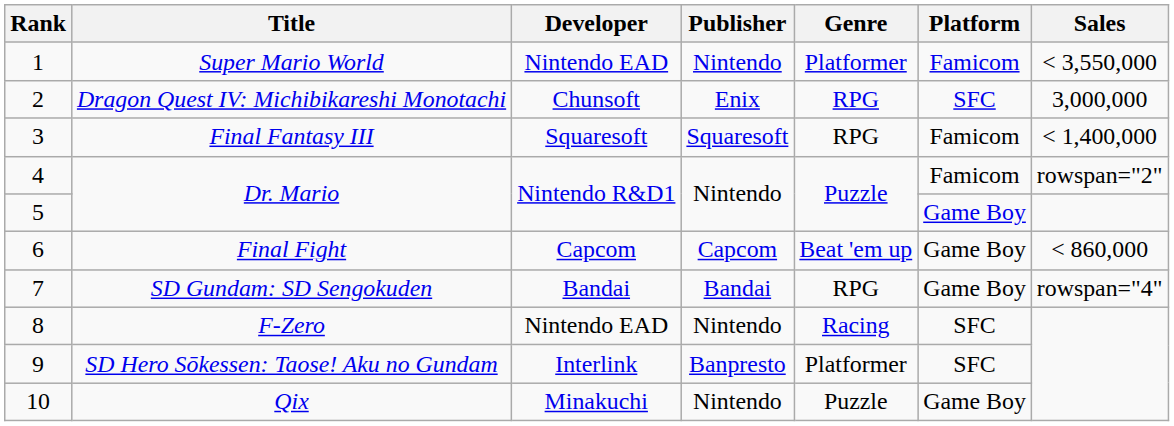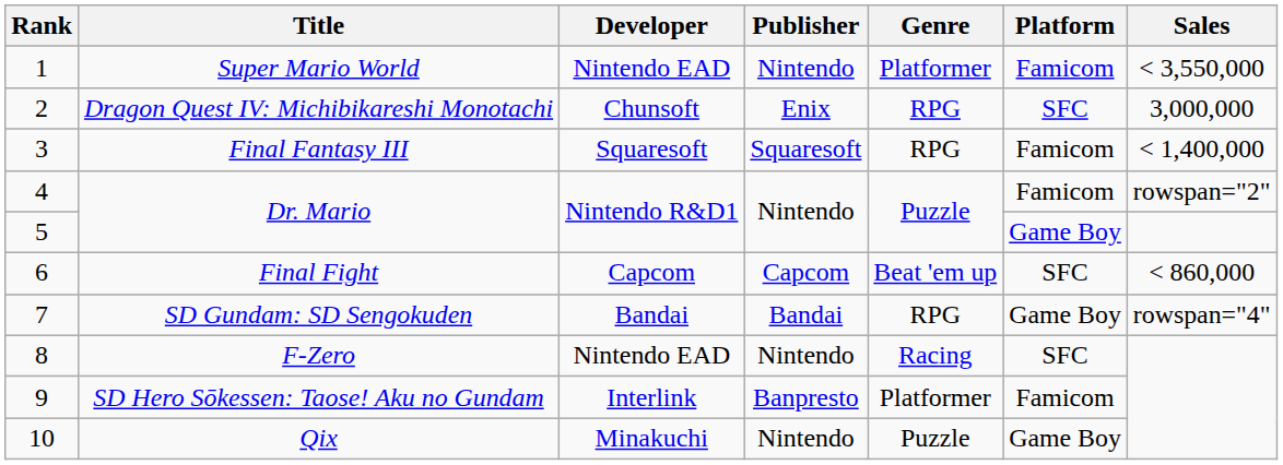 <table class="wikitable sortable" style="text-align:center">
 <tr>
 <th>Rank</th>
 <th>Title</th>
 <th>Developer</th>
 <th>Publisher</th>
 <th>Genre</th>
 <th>Platform</th>
 <th>Sales</th>
 </tr>
 <tr>
 <td>1</td>
 <td><em><a href='#'>Super Mario World</a></em></td>
 <td><a href='#'>Nintendo EAD</a></td>
 <td><a href='#'>Nintendo</a></td>
 <td><a href='#'>Platformer</a></td>
 <td><a href='#'>Famicom</a></td>
 <td>< 3,550,000</td>
 </tr>
 <tr>
 <td>2</td>
 <td><em><a href='#'>Dragon Quest IV: Michibikareshi Monotachi</a></em></td>
 <td><a href='#'>Chunsoft</a></td>
 <td><a href='#'>Enix</a></td>
 <td><a href='#'>RPG</a></td>
 <td><a href='#'>SFC</a></td>
 <td>3,000,000</td>
 </tr>
 <tr>
 <td>3</td>
 <td><em><a href='#'>Final Fantasy III</a></em></td>
 <td><a href='#'>Squaresoft</a></td>
 <td><a href='#'>Squaresoft</a></td>
 <td>RPG</td>
 <td>Famicom</td>
 <td>< 1,400,000</td>
 </tr>
 <tr>
 <td>4</td>
 <td rowspan="2"><em><a href='#'>Dr. Mario</a></em></td>
 <td rowspan="2"><a href='#'>Nintendo R&D1</a></td>
 <td rowspan="2">Nintendo</td>
 <td rowspan="2"><a href='#'>Puzzle</a></td>
 <td>Famicom</td>
 <td>rowspan="2" </td>
 </tr>
 <tr>
 <td>5</td>
 <td><a href='#'>Game Boy</a></td>
 </tr>
 <tr>
 <td>6</td>
 <td><em><a href='#'>Final Fight</a></em></td>
 <td><a href='#'>Capcom</a></td>
 <td><a href='#'>Capcom</a></td>
 <td><a href='#'>Beat 'em up</a></td>
-<td>Game Boy</td>
+<td>SFC</td>
 <td>< 860,000</td>
 </tr>
 <tr>
 <td>7</td>
 <td><em><a href='#'>SD Gundam: SD Sengokuden</a></em></td>
 <td><a href='#'>Bandai</a></td>
 <td><a href='#'>Bandai</a></td>
 <td>RPG</td>
 <td>Game Boy</td>
 <td>rowspan="4" </td>
 </tr>
 <tr>
 <td>8</td>
 <td><em><a href='#'>F-Zero</a></em></td>
 <td>Nintendo EAD</td>
 <td>Nintendo</td>
 <td><a href='#'>Racing</a></td>
 <td>SFC</td>
 </tr>
 <tr>
 <td>9</td>
 <td><em><a href='#'>SD Hero Sōkessen: Taose! Aku no Gundam</a></em></td>
 <td><a href='#'>Interlink</a></td>
 <td><a href='#'>Banpresto</a></td>
 <td>Platformer</td>
-<td>SFC</td>
+<td>Famicom</td>
 </tr>
 <tr>
 <td>10</td>
 <td><em><a href='#'>Qix</a></em></td>
 <td><a href='#'>Minakuchi</a></td>
 <td>Nintendo</td>
 <td>Puzzle</td>
 <td>Game Boy</td>
 </tr>
 </table>
